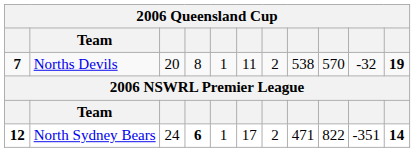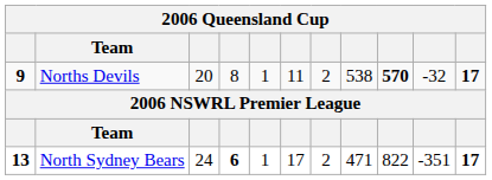 <table class="wikitable" style="text-align:center;">
 <tr>
 <th colspan="11">2006 Queensland Cup</th>
 </tr>
 <tr>
 <th width="20"></th>
 <th>Team</th>
 <th width="20"></th>
 <th width="20"></th>
 <th width="20"></th>
 <th width="20"></th>
 <th width="20"></th>
 <th width="25"></th>
 <th width="25"></th>
 <th width="30"></th>
 <th width="20"></th>
 </tr>
 <tr style="background:">
-<td><strong>7</strong></td>
+<td><strong>9</strong></td>
 <td style="text-align:left;"> <a href='#'>Norths Devils</a></td>
 <td>20</td>
 <td>8</td>
 <td>1</td>
 <td>11</td>
 <td>2</td>
 <td>538</td>
-<td>570</td>
+<td><strong>570</strong></td>
 <td>-32</td>
-<td><strong>19</strong></td>
+<td><strong>17</strong></td>
 </tr>
 <tr>
 <th colspan="11">2006 NSWRL Premier League</th>
 </tr>
 <tr>
 <th width="20"></th>
 <th>Team</th>
 <th width="20"></th>
 <th width="20"></th>
 <th width="20"></th>
 <th width="20"></th>
 <th width="20"></th>
 <th width="25"></th>
 <th width="25"></th>
 <th width="30"></th>
 <th width="20"></th>
 </tr>
 <tr style="background: #ffffff;">
-<td><strong>12</strong></td>
+<td><strong>13</strong></td>
 <td style="text-align:left;"> <a href='#'>North Sydney Bears</a></td>
 <td>24</td>
 <td><strong>6</strong></td>
 <td>1</td>
 <td>17</td>
 <td>2</td>
 <td>471</td>
 <td>822</td>
 <td>-351</td>
-<td><strong>14</strong></td>
+<td><strong>17</strong></td>
 </tr>
 </table>
